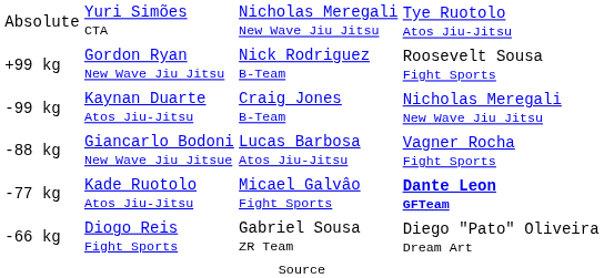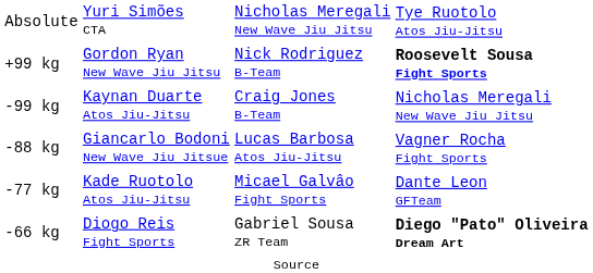 <table>
 <tr>
 <td rowspan=2>Absolute</td>
 <td rowspan=2> <a href='#'>Yuri Simões</a><br><small>CTA</small></td>
 <td rowspan=2> <a href='#'>Nicholas Meregali</a><br><small><a href='#'>New Wave Jiu Jitsu</a></small></td>
 </tr>
 <tr>
 <td> <a href='#'>Tye Ruotolo</a><br><small><a href='#'>Atos Jiu-Jitsu</a></small></td>
 </tr>
 <tr>
 <td rowspan=2>+99 kg</td>
 <td rowspan=2> <a href='#'>Gordon Ryan</a><br><small><a href='#'>New Wave Jiu Jitsu</a></small></td>
 <td rowspan=2> <a href='#'>Nick Rodriguez</a><br><small><a href='#'>B-Team</a></small></td>
 </tr>
 <tr>
-<td> Roosevelt Sousa<br><small><a href='#'>Fight Sports</a></small></td>
+<td><strong> Roosevelt Sousa<br><small><a href='#'>Fight Sports</a></small></strong></td>
 </tr>
 <tr>
 <td rowspan=2>-99 kg</td>
 <td rowspan=2> <a href='#'>Kaynan Duarte</a><br><small><a href='#'>Atos Jiu-Jitsu</a></small></td>
 <td rowspan=2> <a href='#'>Craig Jones</a><br><small><a href='#'>B-Team</a></small></td>
 </tr>
 <tr>
 <td> <a href='#'>Nicholas Meregali</a><br><small><a href='#'>New Wave Jiu Jitsu</a></small></td>
 </tr>
 <tr>
 <td rowspan=2>-88 kg</td>
 <td rowspan=2> <a href='#'>Giancarlo Bodoni</a> <br><small><a href='#'>New Wave Jiu Jitsue</a></small></td>
 <td rowspan=2> <a href='#'>Lucas Barbosa</a><br><small><a href='#'>Atos Jiu-Jitsu</a></small></td>
 </tr>
 <tr>
 <td> <a href='#'>Vagner Rocha</a><br><small><a href='#'>Fight Sports</a></small></td>
 </tr>
 <tr>
 <td rowspan=2>-77 kg</td>
 <td rowspan=2> <a href='#'>Kade Ruotolo</a><br><small><a href='#'>Atos Jiu-Jitsu</a></small></td>
 <td rowspan=2> <a href='#'>Micael Galvâo</a><br><small><a href='#'>Fight Sports</a></small></td>
 </tr>
 <tr>
-<td><strong> <a href='#'>Dante Leon</a><br><small><a href='#'>GFTeam</a></small></strong></td>
+<td> <a href='#'>Dante Leon</a><br><small><a href='#'>GFTeam</a></small></td>
 </tr>
 <tr>
 <td rowspan=2>-66 kg</td>
 <td rowspan=2> <a href='#'>Diogo Reis</a><br><small><a href='#'>Fight Sports</a></small></td>
 <td rowspan=2> Gabriel Sousa<br><small>ZR Team</small></td>
 </tr>
 <tr>
-<td> Diego "Pato" Oliveira<br><small>Dream Art</small></td>
+<td><strong> Diego "Pato" Oliveira<br><small>Dream Art</small></strong></td>
 </tr>
 <tr>
 <td colspan=4 style="text-align:center;"><small>Source</small></td>
 </tr>
 <tr>
 </tr>
 </table>
